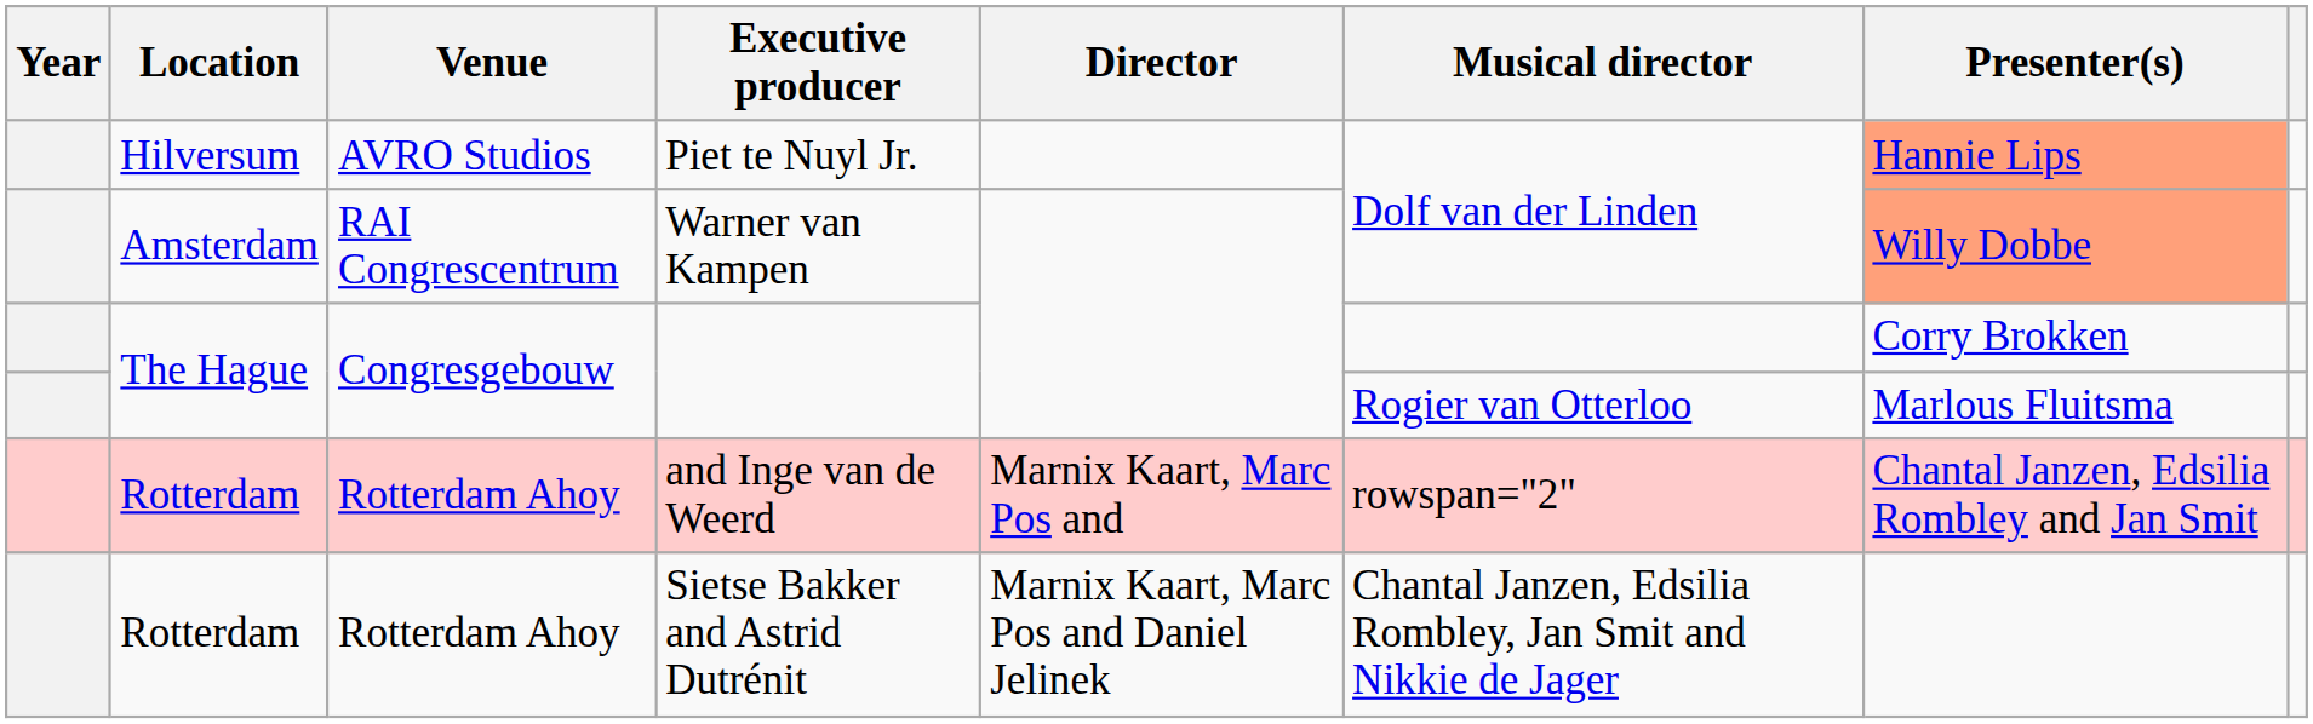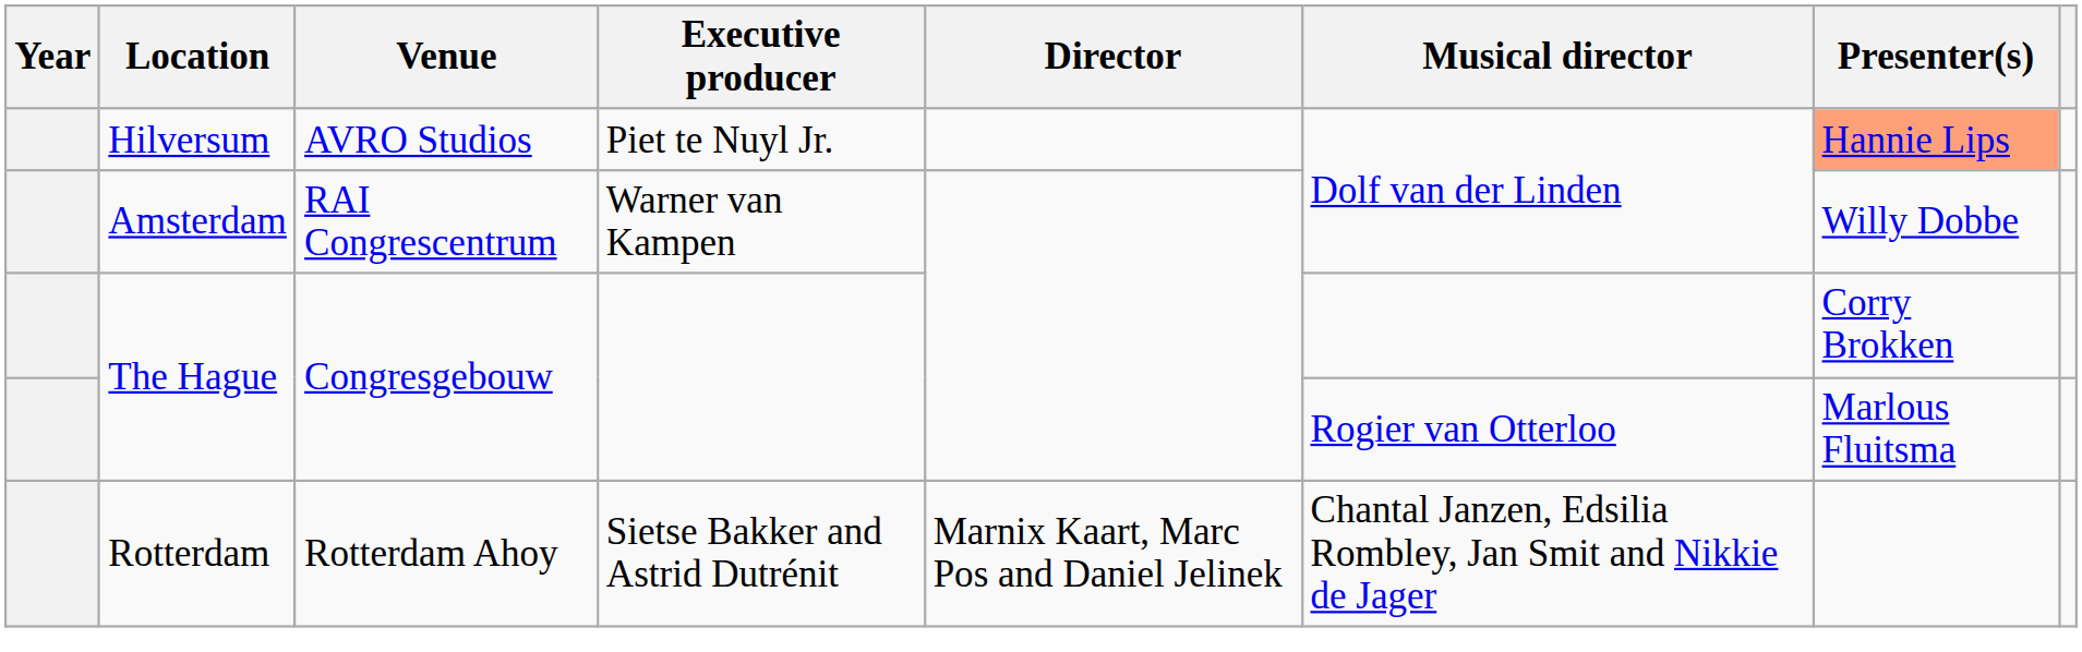 <table class="wikitable plainrowheaders">
 <tr>
 <th scope="col">Year</th>
 <th scope="col">Location</th>
 <th scope="col">Venue</th>
 <th scope="col">Executive producer</th>
 <th scope="col">Director</th>
 <th scope="col">Musical director</th>
 <th scope="col">Presenter(s)</th>
 <th scope="col"></th>
 </tr>
 <tr>
 <th scope="row"></th>
 <td><a href='#'>Hilversum</a></td>
 <td><a href='#'>AVRO Studios</a></td>
 <td>Piet te Nuyl Jr.</td>
 <td></td>
 <td rowspan="2"><a href='#'>Dolf van der Linden</a></td>
 <td style="background: lightsalmon;"><a href='#'>Hannie Lips</a></td>
 <td></td>
 </tr>
 <tr>
 <th scope="row"></th>
 <td><a href='#'>Amsterdam</a></td>
 <td><a href='#'>RAI Congrescentrum</a></td>
 <td>Warner van Kampen</td>
 <td rowspan="3"></td>
-<td style="background: lightsalmon;"><a href='#'>Willy Dobbe</a></td>
+<td><a href='#'>Willy Dobbe</a></td>
 <td></td>
 </tr>
 <tr>
 <th scope="row"></th>
 <td rowspan="2"><a href='#'>The Hague</a></td>
 <td rowspan="2"><a href='#'>Congresgebouw</a></td>
 <td rowspan="2"></td>
 <td></td>
 <td><a href='#'>Corry Brokken</a></td>
 <td></td>
 </tr>
 <tr>
 <th scope="row"></th>
 <td><a href='#'>Rogier van Otterloo</a></td>
 <td><a href='#'>Marlous Fluitsma</a></td>
 <td></td>
 </tr>
-<tr style="background:#FCC;">
-<th scope="row" style="background:#FCC;"></th>
-<td><a href='#'>Rotterdam</a></td>
-<td><a href='#'>Rotterdam Ahoy</a></td>
-<td> and Inge van de Weerd</td>
-<td>Marnix Kaart, <a href='#'>Marc Pos</a> and </td>
-<td>rowspan="2" </td>
-<td><a href='#'>Chantal Janzen</a>, <a href='#'>Edsilia Rombley</a> and <a href='#'>Jan Smit</a></td>
-<td></td>
-</tr>
 <tr>
 <th scope="row"></th>
 <td>Rotterdam</td>
 <td>Rotterdam Ahoy</td>
 <td>Sietse Bakker and Astrid Dutrénit</td>
 <td>Marnix Kaart, Marc Pos and Daniel Jelinek</td>
 <td>Chantal Janzen, Edsilia Rombley, Jan Smit and <a href='#'>Nikkie de Jager</a></td>
 <td></td>
 </tr>
 </table>
